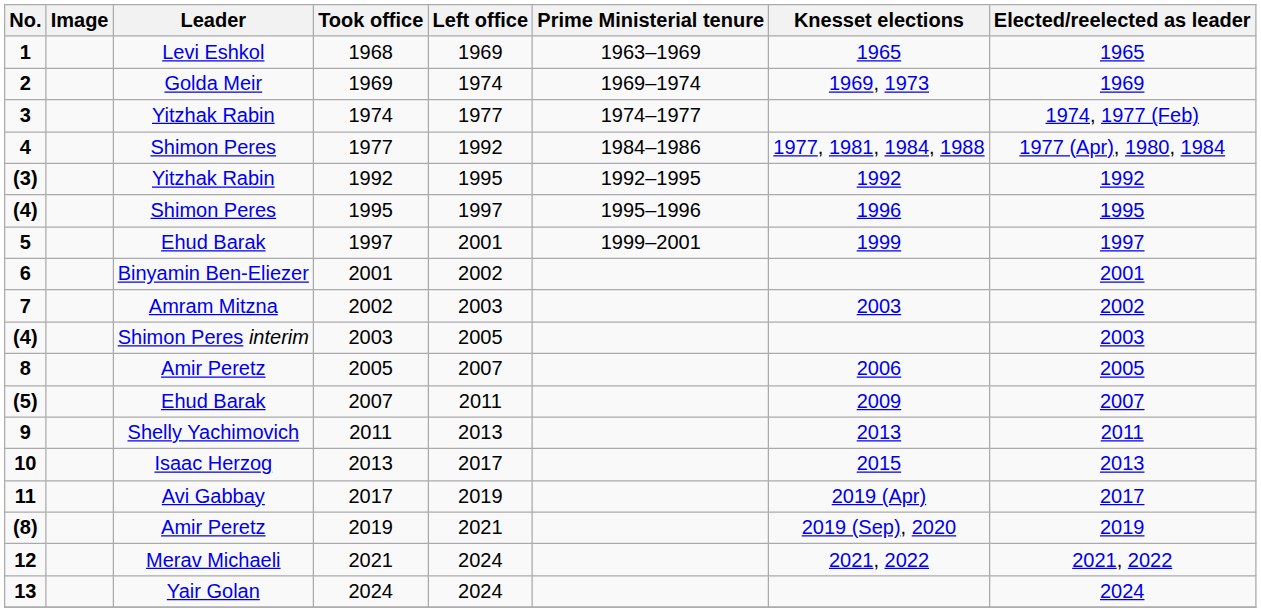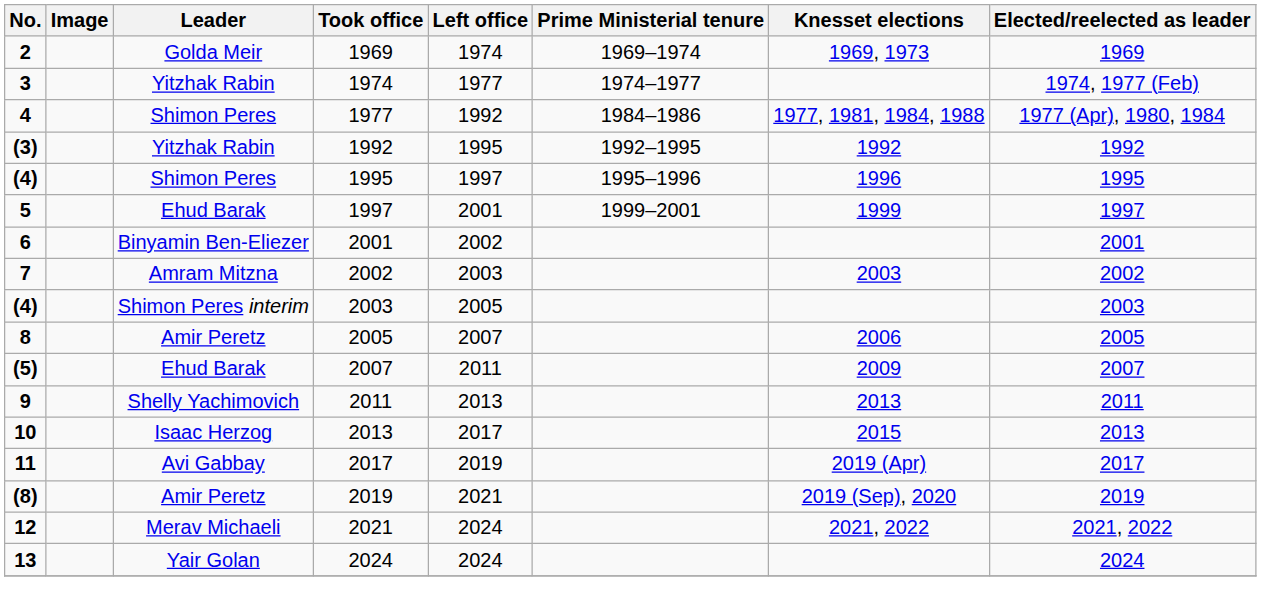 <table class="wikitable" style="text-align: center; display:inline-table; margin-right:1em;">
 <tr>
 <th>No.</th>
 <th>Image</th>
 <th colspan="-">Leader</th>
 <th>Took office</th>
 <th>Left office</th>
 <th>Prime Ministerial tenure</th>
 <th>Knesset elections</th>
 <th>Elected/reelected as leader</th>
-</tr>
-<tr>
-<td style="background: "><strong>1</strong></td>
-<td></td>
-<td><a href='#'>Levi Eshkol</a></td>
-<td>1968</td>
-<td>1969</td>
-<td>1963–1969</td>
-<td><a href='#'>1965</a> </td>
-<td><a href='#'>1965</a> </td>
 </tr>
 <tr>
 <td style="background: "><strong>2</strong></td>
 <td></td>
 <td><a href='#'>Golda Meir</a></td>
 <td>1969</td>
 <td>1974</td>
 <td>1969–1974</td>
 <td><a href='#'>1969</a>, <a href='#'>1973</a></td>
 <td><a href='#'>1969</a></td>
 </tr>
 <tr>
 <td style="background: "><strong>3</strong></td>
 <td></td>
 <td><a href='#'>Yitzhak Rabin</a></td>
 <td>1974</td>
 <td>1977</td>
 <td>1974–1977</td>
 <td></td>
 <td><a href='#'>1974</a>, <a href='#'>1977 (Feb)</a></td>
 </tr>
 <tr>
 <td style="background: "><strong>4</strong></td>
 <td></td>
 <td><a href='#'>Shimon Peres</a></td>
 <td>1977</td>
 <td>1992</td>
 <td>1984–1986</td>
 <td><a href='#'>1977</a>, <a href='#'>1981</a>, <a href='#'>1984</a>, <a href='#'>1988</a></td>
 <td><a href='#'>1977 (Apr)</a>, <a href='#'>1980</a>, <a href='#'>1984</a></td>
 </tr>
 <tr>
 <td style="background: "><strong>(3)</strong></td>
 <td></td>
 <td><a href='#'>Yitzhak Rabin</a></td>
 <td>1992</td>
 <td>1995</td>
 <td>1992–1995</td>
 <td><a href='#'>1992</a></td>
 <td><a href='#'>1992</a></td>
 </tr>
 <tr>
 <td style="background: "><strong>(4)</strong></td>
 <td></td>
 <td><a href='#'>Shimon Peres</a></td>
 <td>1995</td>
 <td>1997</td>
 <td>1995–1996</td>
 <td><a href='#'>1996</a></td>
 <td><a href='#'>1995</a></td>
 </tr>
 <tr>
 <td style="background: "><strong>5</strong></td>
 <td></td>
 <td><a href='#'>Ehud Barak</a></td>
 <td>1997</td>
 <td>2001</td>
 <td>1999–2001</td>
 <td><a href='#'>1999</a></td>
 <td><a href='#'>1997</a></td>
 </tr>
 <tr>
 <td style="background: "><strong>6</strong></td>
 <td></td>
 <td><a href='#'>Binyamin Ben-Eliezer</a></td>
 <td>2001</td>
 <td>2002</td>
 <td></td>
 <td></td>
 <td><a href='#'>2001</a></td>
 </tr>
 <tr>
 <td style="background: "><strong>7</strong></td>
 <td></td>
 <td><a href='#'>Amram Mitzna</a></td>
 <td>2002</td>
 <td>2003</td>
 <td></td>
 <td><a href='#'>2003</a></td>
 <td><a href='#'>2002</a></td>
 </tr>
 <tr>
 <td style="background: "><strong>(4)</strong></td>
 <td></td>
 <td><a href='#'>Shimon Peres</a> <em>interim</em></td>
 <td>2003</td>
 <td>2005</td>
 <td></td>
 <td></td>
 <td><a href='#'>2003</a></td>
 </tr>
 <tr>
 <td style="background: "><strong>8</strong></td>
 <td></td>
 <td><a href='#'>Amir Peretz</a></td>
 <td>2005</td>
 <td>2007</td>
 <td></td>
 <td><a href='#'>2006</a></td>
 <td><a href='#'>2005</a></td>
 </tr>
 <tr>
 <td style="background: "><strong>(5)</strong></td>
 <td></td>
 <td><a href='#'>Ehud Barak</a></td>
 <td>2007</td>
 <td>2011</td>
 <td></td>
 <td><a href='#'>2009</a></td>
 <td><a href='#'>2007</a></td>
 </tr>
 <tr>
 <td style="background: "><strong>9</strong></td>
 <td></td>
 <td><a href='#'>Shelly Yachimovich</a></td>
 <td>2011</td>
 <td>2013</td>
 <td></td>
 <td><a href='#'>2013</a></td>
 <td><a href='#'>2011</a></td>
 </tr>
 <tr>
 <td style="background: "><strong>10</strong></td>
 <td></td>
 <td><a href='#'>Isaac Herzog</a></td>
 <td>2013</td>
 <td>2017</td>
 <td></td>
 <td><a href='#'>2015</a></td>
 <td><a href='#'>2013</a></td>
 </tr>
 <tr>
 <td style="background: "><strong>11</strong></td>
 <td></td>
 <td><a href='#'>Avi Gabbay</a></td>
 <td>2017</td>
 <td>2019</td>
 <td></td>
 <td><a href='#'>2019 (Apr)</a></td>
 <td><a href='#'>2017</a></td>
 </tr>
 <tr>
 <td style="background: "><strong>(8)</strong></td>
 <td></td>
 <td><a href='#'>Amir Peretz</a></td>
 <td>2019</td>
 <td>2021</td>
 <td></td>
 <td><a href='#'>2019 (Sep)</a>, <a href='#'>2020</a></td>
 <td><a href='#'>2019</a></td>
 </tr>
 <tr>
 <td style="background: "><strong>12</strong></td>
 <td></td>
 <td><a href='#'>Merav Michaeli</a></td>
 <td>2021</td>
 <td>2024</td>
 <td></td>
 <td><a href='#'>2021</a>, <a href='#'>2022</a></td>
 <td><a href='#'>2021</a>, <a href='#'>2022</a></td>
 </tr>
 <tr>
 <td style="background: "><strong>13</strong></td>
 <td></td>
 <td><a href='#'>Yair Golan</a></td>
 <td>2024</td>
 <td>2024</td>
 <td></td>
 <td></td>
 <td><a href='#'>2024</a></td>
 </tr>
 <tr>
 </tr>
 </table>
